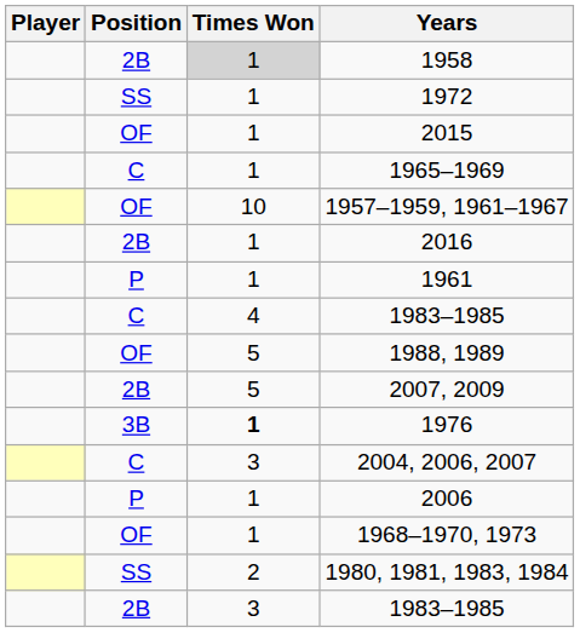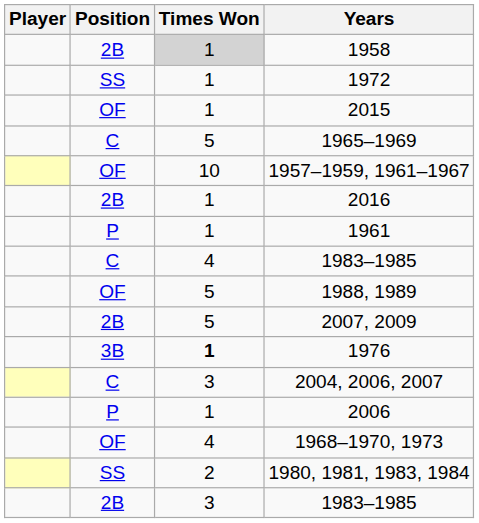 <table class="wikitable sortable" style="text-align:center;">
 <tr>
 <th scope="col">Player</th>
 <th scope="col">Position</th>
 <th scope="col">Times Won</th>
 <th scope="col">Years</th>
 </tr>
 <tr>
 <td scope="row"></td>
 <td><a href='#'>2B</a></td>
 <td style="background: lightgrey; text-align:center;">1</td>
 <td>1958</td>
 </tr>
 <tr>
 <td scope="row"></td>
 <td><a href='#'>SS</a></td>
 <td style="text-align:center;">1</td>
 <td>1972</td>
 </tr>
 <tr>
 <td scope="row"></td>
 <td><a href='#'>OF</a></td>
 <td style="text-align:center;">1</td>
 <td>2015</td>
 </tr>
 <tr>
 <td scope="row"></td>
 <td><a href='#'>C</a></td>
-<td style="text-align:center;">1</td>
+<td style="text-align:center;">5</td>
 <td>1965–1969</td>
 </tr>
 <tr>
 <td scope="row" bgcolor="#FFFFBB"></td>
 <td><a href='#'>OF</a></td>
 <td style="text-align:center;">10</td>
 <td>1957–1959, 1961–1967</td>
 </tr>
 <tr>
 <td scope="row"></td>
 <td><a href='#'>2B</a></td>
 <td style="text-align:center;">1</td>
 <td>2016</td>
 </tr>
 <tr>
 <td scope="row"></td>
 <td><a href='#'>P</a></td>
 <td style="text-align:center;">1</td>
 <td>1961</td>
 </tr>
 <tr>
 <td scope="row"></td>
 <td><a href='#'>C</a></td>
 <td style="text-align:center;">4</td>
 <td>1983–1985</td>
 </tr>
 <tr>
 <td scope="row"></td>
 <td><a href='#'>OF</a></td>
 <td style="text-align:center;">5</td>
 <td>1988, 1989</td>
 </tr>
 <tr>
 <td scope="row"></td>
 <td><a href='#'>2B</a></td>
 <td style="text-align:center;">5</td>
 <td>2007, 2009</td>
 </tr>
 <tr>
 <td scope="row"></td>
 <td><a href='#'>3B</a></td>
 <td style="text-align:center;"><strong>1</strong></td>
 <td>1976</td>
 </tr>
 <tr>
 <td scope="row" bgcolor="#FFFFBB"></td>
 <td><a href='#'>C</a></td>
 <td style="text-align:center;">3</td>
 <td>2004, 2006, 2007</td>
 </tr>
 <tr>
 <td scope="row"><br></td>
 <td><a href='#'>P</a></td>
 <td style="text-align:center;">1</td>
 <td>2006</td>
 </tr>
 <tr>
 <td scope="row"></td>
 <td><a href='#'>OF</a></td>
-<td style="text-align:center;">1</td>
+<td style="text-align:center;">4</td>
 <td>1968–1970, 1973</td>
 </tr>
 <tr>
 <td scope="row" bgcolor="#FFFFBB"></td>
 <td><a href='#'>SS</a></td>
 <td style="text-align:center;">2</td>
 <td>1980, 1981, 1983, 1984</td>
 </tr>
 <tr>
 <td scope="row"></td>
 <td><a href='#'>2B</a></td>
 <td style="text-align:center;">3</td>
 <td>1983–1985</td>
 </tr>
 </table>
